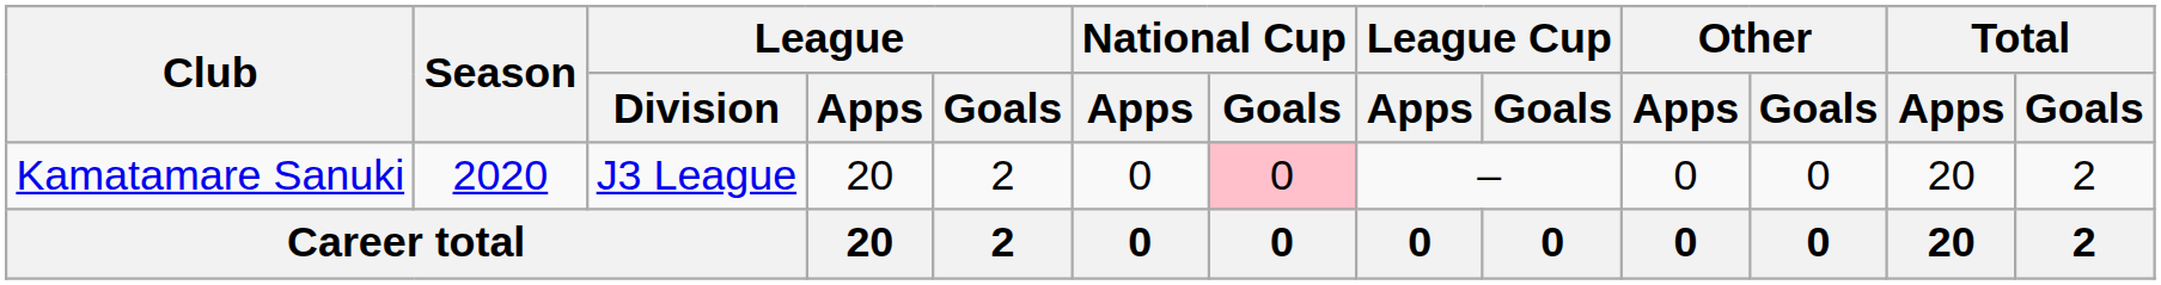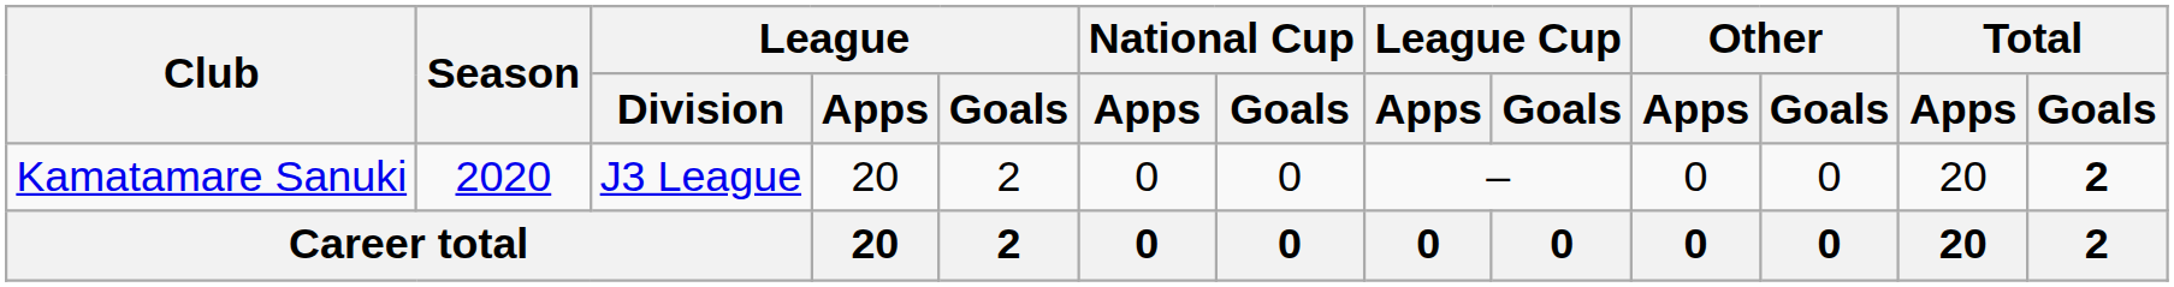 <table class="wikitable" style="text-align: center">
 <tr>
 <th rowspan="2">Club</th>
 <th rowspan="2">Season</th>
 <th colspan="3">League</th>
 <th colspan="2">National Cup</th>
 <th colspan="2">League Cup</th>
 <th colspan="2">Other</th>
 <th colspan="2">Total</th>
 </tr>
 <tr>
 <th>Division</th>
 <th>Apps</th>
 <th>Goals</th>
 <th>Apps</th>
 <th>Goals</th>
 <th>Apps</th>
 <th>Goals</th>
 <th>Apps</th>
 <th>Goals</th>
 <th>Apps</th>
 <th>Goals</th>
 </tr>
 <tr>
 <td><a href='#'>Kamatamare Sanuki</a></td>
 <td><a href='#'>2020</a></td>
 <td><a href='#'>J3 League</a></td>
 <td>20</td>
 <td>2</td>
 <td>0</td>
-<td style="background: pink;">0</td>
+<td>0</td>
 <td colspan="2">–</td>
 <td>0</td>
 <td>0</td>
 <td>20</td>
-<td>2</td>
+<td><strong>2</strong></td>
 </tr>
 <tr>
 <th colspan=3>Career total</th>
 <th>20</th>
 <th>2</th>
 <th>0</th>
 <th>0</th>
 <th>0</th>
 <th>0</th>
 <th>0</th>
 <th>0</th>
 <th>20</th>
 <th>2</th>
 </tr>
 </table>
